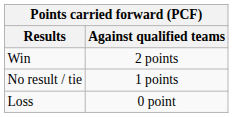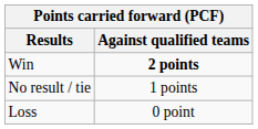 <table class="wikitable">
 <tr>
 <th colspan="2">Points carried forward (PCF)</th>
 </tr>
 <tr>
 <th>Results</th>
 <th>Against qualified teams</th>
 </tr>
 <tr>
 <td>Win</td>
-<td align="center">2 points</td>
+<td align="center"><strong>2 points</strong></td>
 </tr>
 <tr>
 <td>No result / tie</td>
 <td align="center">1 points</td>
 </tr>
 <tr>
 <td>Loss</td>
 <td align="center">0 point</td>
 </tr>
 </table>
